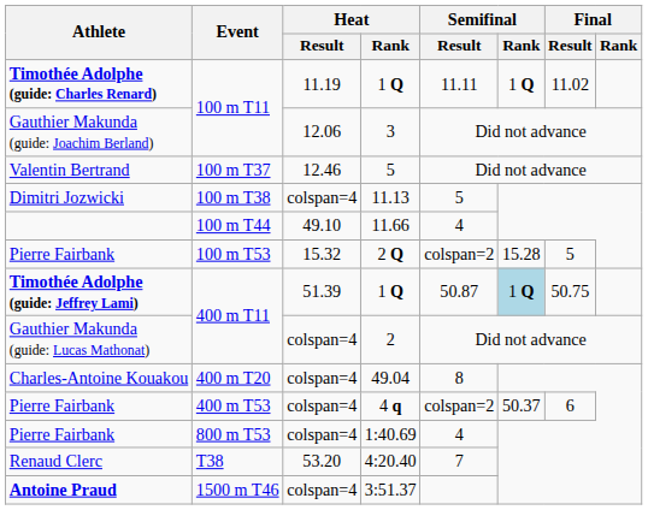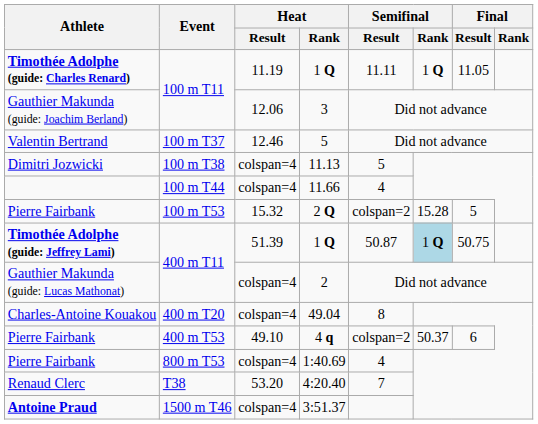 <table class="wikitable" style="font-size:90%">
 <tr>
 <th rowspan="2">Athlete</th>
 <th rowspan="2">Event</th>
 <th colspan="2">Heat</th>
 <th colspan="2">Semifinal</th>
 <th colspan="2">Final</th>
 </tr>
 <tr style="font-size:95%">
 <th>Result</th>
 <th>Rank</th>
 <th>Result</th>
 <th>Rank</th>
 <th>Result</th>
 <th>Rank</th>
 </tr>
 <tr align=center>
 <td align=left><strong><a href='#'>Timothée Adolphe</a><br><small>(guide: <a href='#'>Charles Renard</a>)</small></strong></td>
 <td align=left rowspan=2><a href='#'>100 m T11</a></td>
 <td>11.19</td>
 <td>1 <strong>Q</strong></td>
 <td>11.11</td>
 <td>1 <strong>Q</strong></td>
-<td>11.02</td>
+<td>11.05</td>
 <td></td>
 </tr>
 <tr align=center>
 <td align=left><a href='#'>Gauthier Makunda</a><br><small>(guide: <a href='#'>Joachim Berland</a>)</small></td>
 <td>12.06</td>
 <td>3</td>
 <td colspan=4>Did not advance</td>
 </tr>
 <tr align=center>
 <td align=left><a href='#'>Valentin Bertrand</a></td>
 <td align=left><a href='#'>100 m T37</a></td>
 <td>12.46</td>
 <td>5</td>
 <td colspan=4>Did not advance</td>
 </tr>
 <tr align=center>
 <td align=left><a href='#'>Dimitri Jozwicki</a></td>
 <td align=left><a href='#'>100 m T38</a></td>
 <td>colspan=4 </td>
 <td>11.13</td>
 <td>5</td>
 </tr>
 <tr align=center>
 <td align=left></td>
 <td align=left><a href='#'>100 m T44</a></td>
-<td>49.10</td>
+<td>colspan=4 </td>
 <td>11.66</td>
 <td>4</td>
 </tr>
 <tr align=center>
 <td align=left><a href='#'>Pierre Fairbank</a></td>
 <td align=left><a href='#'>100 m T53</a></td>
 <td>15.32</td>
 <td>2 <strong>Q</strong></td>
 <td>colspan=2 </td>
 <td>15.28</td>
 <td>5</td>
 </tr>
 <tr align=center>
 <td align=left><strong><a href='#'>Timothée Adolphe</a><br><small>(guide: <a href='#'>Jeffrey Lami</a>)</small></strong></td>
 <td align=left rowspan=2><a href='#'>400 m T11</a></td>
 <td>51.39</td>
 <td>1 <strong>Q</strong></td>
 <td>50.87</td>
 <td style="background: lightblue;">1 <strong>Q</strong></td>
 <td>50.75</td>
 <td></td>
 </tr>
 <tr align=center>
 <td align=left><a href='#'>Gauthier Makunda</a><br><small>(guide: <a href='#'>Lucas Mathonat</a>)</small></td>
 <td>colspan=4 </td>
 <td>2</td>
 <td colspan=4>Did not advance</td>
 </tr>
 <tr align=center>
 <td align=left><a href='#'>Charles-Antoine Kouakou</a></td>
 <td align=left><a href='#'>400 m T20</a></td>
 <td>colspan=4 </td>
 <td>49.04</td>
 <td>8</td>
 </tr>
 <tr align=center>
 <td align=left><a href='#'>Pierre Fairbank</a></td>
 <td align=left><a href='#'>400 m T53</a></td>
-<td>colspan=4 </td>
+<td>49.10</td>
 <td>4 <strong>q</strong></td>
 <td>colspan=2 </td>
 <td>50.37</td>
 <td>6</td>
 </tr>
 <tr align=center>
 <td align=left><a href='#'>Pierre Fairbank</a></td>
 <td align=left><a href='#'>800 m T53</a></td>
 <td>colspan=4 </td>
 <td>1:40.69</td>
 <td>4</td>
 </tr>
 <tr align=center>
 <td align=left><a href='#'>Renaud Clerc</a></td>
 <td align=left><a href='#'> T38</a></td>
 <td>53.20</td>
 <td>4:20.40</td>
 <td>7</td>
 </tr>
 <tr align=center>
 <td align=left><strong><a href='#'>Antoine Praud</a></strong></td>
 <td align=left><a href='#'>1500 m T46</a></td>
 <td>colspan=4 </td>
 <td>3:51.37</td>
 <td></td>
 </tr>
 </table>
